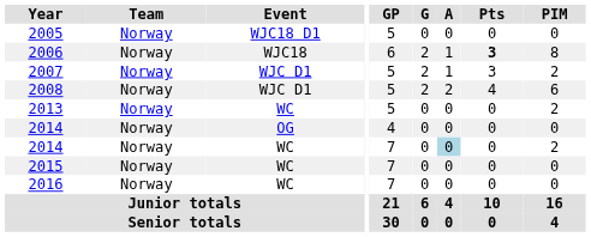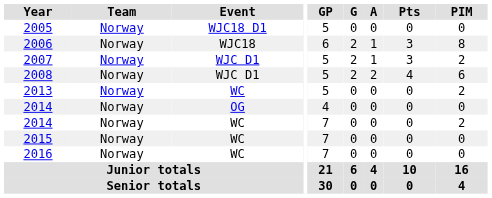 <table border="0" cellpadding="1" cellspacing="0" ID="Table3" style="text-align:center; width:40em">
 <tr ALIGN="center" bgcolor="#e0e0e0">
 <th>Year</th>
 <th>Team</th>
 <th>Event</th>
 <th rowspan="102" bgcolor="#ffffff"></th>
 <th>GP</th>
 <th>G</th>
 <th>A</th>
 <th>Pts</th>
 <th>PIM</th>
 </tr>
 <tr>
 <td><a href='#'>2005</a></td>
 <td><a href='#'>Norway</a></td>
 <td><a href='#'>WJC18 D1</a></td>
 <td>5</td>
 <td>0</td>
 <td>0</td>
 <td>0</td>
 <td>0</td>
 </tr>
 <tr bgcolor="#f0f0f0">
 <td><a href='#'>2006</a></td>
 <td>Norway</td>
 <td>WJC18</td>
 <td>6</td>
 <td>2</td>
 <td>1</td>
-<td><strong>3</strong></td>
+<td>3</td>
 <td>8</td>
 </tr>
 <tr>
 <td><a href='#'>2007</a></td>
 <td><a href='#'>Norway</a></td>
 <td><a href='#'>WJC D1</a></td>
 <td>5</td>
 <td>2</td>
 <td>1</td>
 <td>3</td>
 <td>2</td>
 </tr>
 <tr bgcolor="#f0f0f0">
 <td><a href='#'>2008</a></td>
 <td>Norway</td>
 <td>WJC D1</td>
 <td>5</td>
 <td>2</td>
 <td>2</td>
 <td>4</td>
 <td>6</td>
 </tr>
 <tr>
 <td><a href='#'>2013</a></td>
 <td><a href='#'>Norway</a></td>
 <td><a href='#'>WC</a></td>
 <td>5</td>
 <td>0</td>
 <td>0</td>
 <td>0</td>
 <td>2</td>
 </tr>
 <tr bgcolor="#f0f0f0">
 <td><a href='#'>2014</a></td>
 <td>Norway</td>
 <td><a href='#'>OG</a></td>
 <td>4</td>
 <td>0</td>
 <td>0</td>
 <td>0</td>
 <td>0</td>
 </tr>
 <tr>
 <td><a href='#'>2014</a></td>
 <td>Norway</td>
 <td>WC</td>
 <td>7</td>
 <td>0</td>
-<td style="background: lightblue;">0</td>
+<td>0</td>
 <td>0</td>
 <td>2</td>
 </tr>
 <tr bgcolor="#f0f0f0">
 <td><a href='#'>2015</a></td>
 <td>Norway</td>
 <td>WC</td>
 <td>7</td>
 <td>0</td>
 <td>0</td>
 <td>0</td>
 <td>0</td>
 </tr>
 <tr>
 <td><a href='#'>2016</a></td>
 <td>Norway</td>
 <td>WC</td>
 <td>7</td>
 <td>0</td>
 <td>0</td>
 <td>0</td>
 <td>0</td>
 </tr>
 <tr bgcolor="#e0e0e0">
 <th colspan=3>Junior totals</th>
 <th>21</th>
 <th>6</th>
 <th>4</th>
 <th>10</th>
 <th>16</th>
 </tr>
 <tr bgcolor="#e0e0e0">
 <th colspan=3>Senior totals</th>
 <th>30</th>
 <th>0</th>
 <th>0</th>
 <th>0</th>
 <th>4</th>
 </tr>
 </table>
